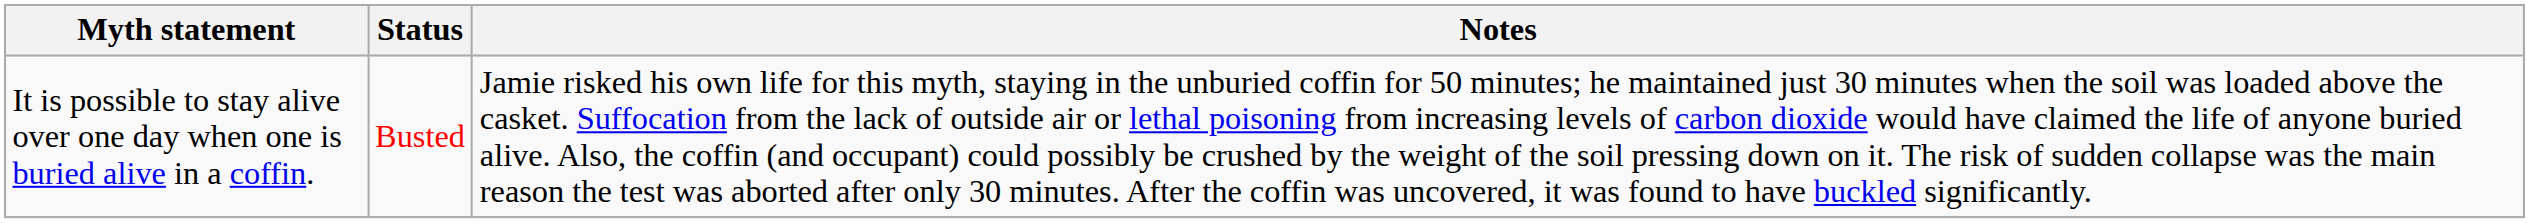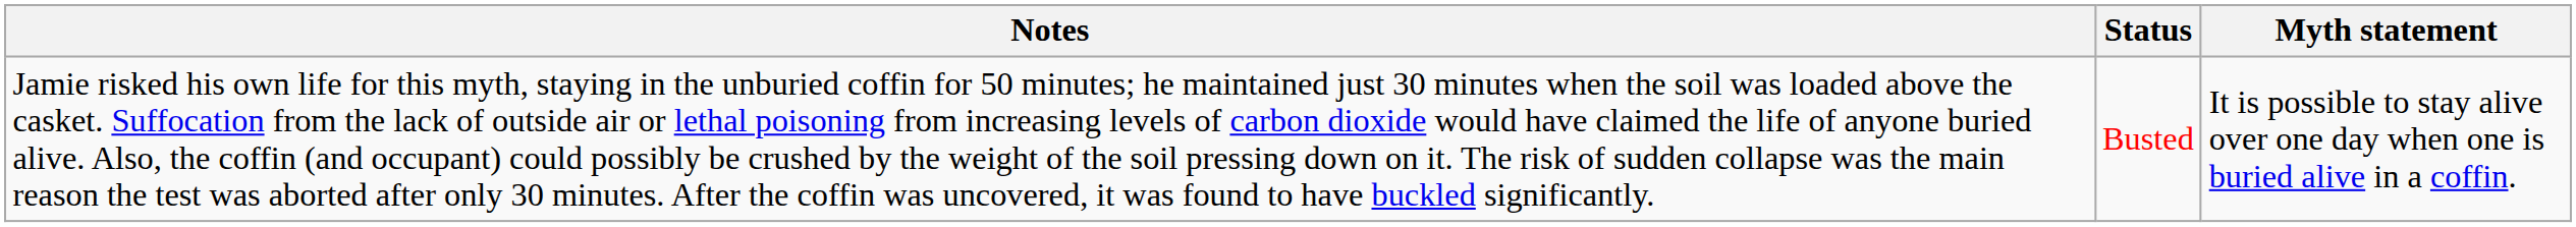 <table class="wikitable plainrowheaders">
 <tr>
+<th>Notes</th>
+<th>Status</th>
 <th>Myth statement</th>
-<th>Status</th>
-<th>Notes</th>
 </tr>
 <tr>
+<td>Jamie risked his own life for this myth, staying in the unburied coffin for 50 minutes; he maintained just 30 minutes when the soil was loaded above the casket. <a href='#'>Suffocation</a> from the lack of outside air or <a href='#'>lethal poisoning</a> from increasing levels of <a href='#'>carbon dioxide</a> would have claimed the life of anyone buried alive. Also, the coffin (and occupant) could possibly be crushed by the weight of the soil pressing down on it. The risk of sudden collapse was the main reason the test was aborted after only 30 minutes. After the coffin was uncovered, it was found to have <a href='#'>buckled</a> significantly.</td>
+<td style="color:red">Busted</td>
 <td>It is possible to stay alive over one day when one is <a href='#'>buried alive</a> in a <a href='#'>coffin</a>.</td>
-<td style="color:red">Busted</td>
-<td>Jamie risked his own life for this myth, staying in the unburied coffin for 50 minutes; he maintained just 30 minutes when the soil was loaded above the casket. <a href='#'>Suffocation</a> from the lack of outside air or <a href='#'>lethal poisoning</a> from increasing levels of <a href='#'>carbon dioxide</a> would have claimed the life of anyone buried alive. Also, the coffin (and occupant) could possibly be crushed by the weight of the soil pressing down on it. The risk of sudden collapse was the main reason the test was aborted after only 30 minutes. After the coffin was uncovered, it was found to have <a href='#'>buckled</a> significantly.</td>
 </tr>
 </table>
